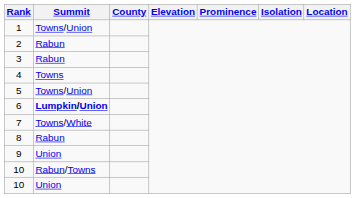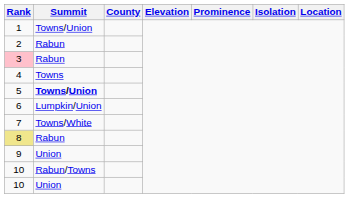 <table class="wikitable sortable">
 <tr>
 <th><a href='#'>Rank</a></th>
 <th><a href='#'>Summit</a></th>
 <th><a href='#'>County</a></th>
 <th><a href='#'>Elevation</a></th>
 <th><a href='#'>Prominence</a></th>
 <th><a href='#'>Isolation</a></th>
 <th><a href='#'>Location</a></th>
 </tr>
 <tr>
 <td align=center>1<br></td>
 <td><a href='#'>Towns</a>/<a href='#'>Union</a><br></td>
 <td></td>
 </tr>
 <tr>
 <td align=center>2<br></td>
 <td><a href='#'>Rabun</a><br></td>
 <td></td>
 </tr>
 <tr>
-<td align=center>3<br></td>
+<td align=center style="background: pink;">3<br></td>
 <td><a href='#'>Rabun</a><br></td>
 <td></td>
 </tr>
 <tr>
 <td align=center>4<br></td>
 <td><a href='#'>Towns</a><br></td>
 <td></td>
 </tr>
 <tr>
 <td align=center>5<br></td>
-<td><a href='#'>Towns</a>/<a href='#'>Union</a><br></td>
+<td><strong><a href='#'>Towns</a>/<a href='#'>Union</a><br></strong></td>
 <td></td>
 </tr>
 <tr>
 <td align=center>6<br></td>
-<td><strong><a href='#'>Lumpkin</a>/<a href='#'>Union</a><br></strong></td>
+<td><a href='#'>Lumpkin</a>/<a href='#'>Union</a><br></td>
 <td></td>
 </tr>
 <tr>
 <td align=center>7<br></td>
 <td><a href='#'>Towns</a>/<a href='#'>White</a><br></td>
 <td></td>
 </tr>
 <tr>
-<td align=center>8<br></td>
+<td align=center style="background: khaki;">8<br></td>
 <td><a href='#'>Rabun</a><br></td>
 <td></td>
 </tr>
 <tr>
 <td align=center>9<br></td>
 <td><a href='#'>Union</a><br></td>
 <td></td>
 </tr>
 <tr>
 <td align=center>10<br></td>
 <td><a href='#'>Rabun</a>/<a href='#'>Towns</a><br></td>
 <td></td>
 </tr>
 <tr>
 <td align=center>10<br></td>
 <td><a href='#'>Union</a><br></td>
 <td></td>
 </tr>
 </table>
